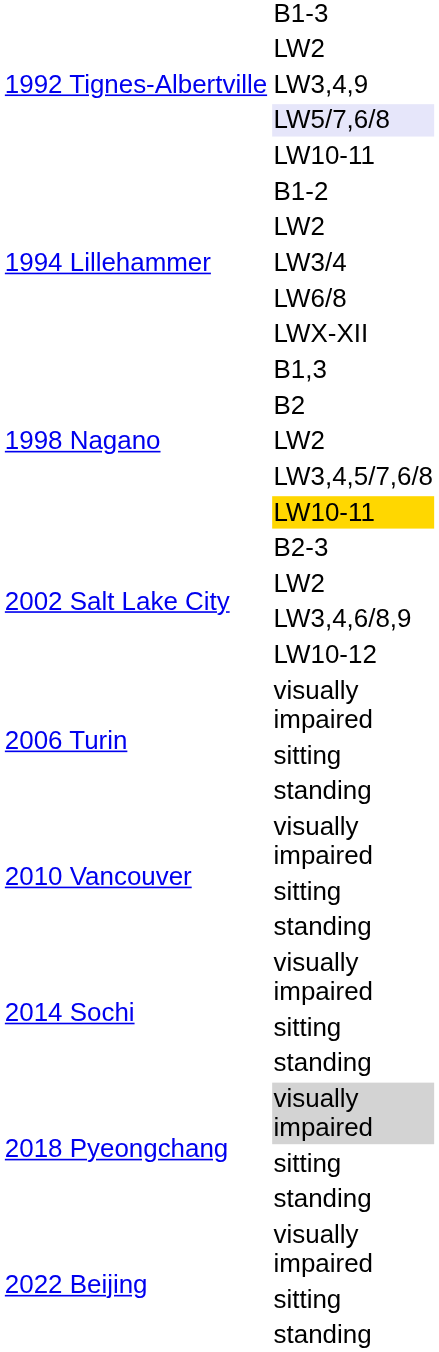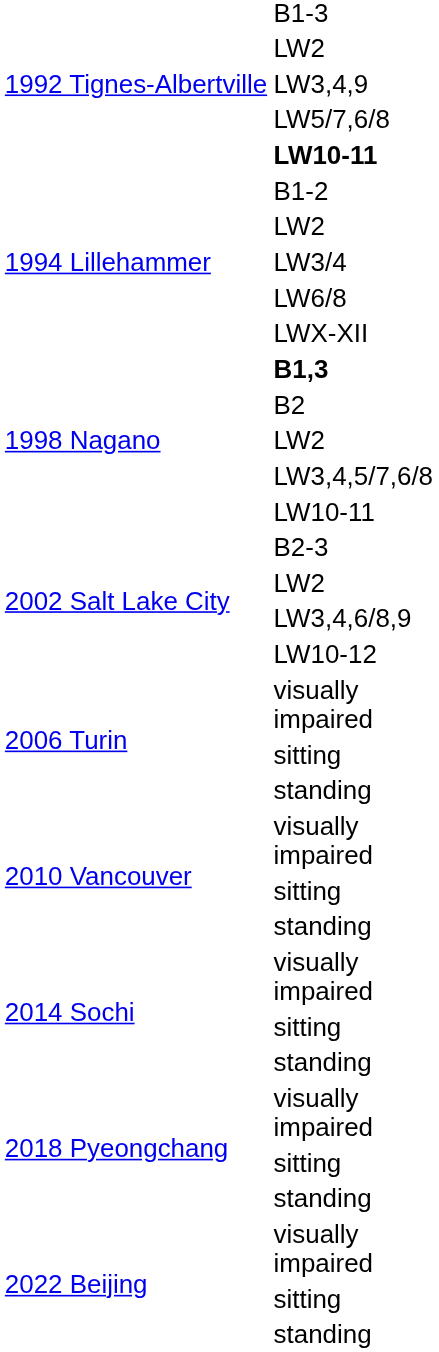 <table>
 <tr>
 <td rowspan="5"><a href='#'>1992 Tignes-Albertville</a><br></td>
 <td>B1-3</td>
 <td></td>
 <td></td>
 <td></td>
 </tr>
 <tr>
 <td>LW2</td>
 <td></td>
 <td></td>
 <td></td>
 </tr>
 <tr>
 <td>LW3,4,9</td>
 <td></td>
 <td></td>
 <td></td>
 </tr>
 <tr>
-<td style="background: lavender;">LW5/7,6/8</td>
+<td>LW5/7,6/8</td>
 <td></td>
 <td></td>
 <td></td>
 </tr>
 <tr>
-<td>LW10-11</td>
+<td><strong>LW10-11</strong></td>
 <td></td>
 <td></td>
 <td></td>
 </tr>
 <tr>
 <td rowspan="5"><a href='#'>1994 Lillehammer</a><br></td>
 <td>B1-2</td>
 <td></td>
 <td></td>
 <td></td>
 </tr>
 <tr>
 <td>LW2</td>
 <td></td>
 <td></td>
 <td></td>
 </tr>
 <tr>
 <td>LW3/4</td>
 <td></td>
 <td></td>
 <td></td>
 </tr>
 <tr>
 <td>LW6/8</td>
 <td></td>
 <td></td>
 <td></td>
 </tr>
 <tr>
 <td>LWX-XII</td>
 <td></td>
 <td></td>
 <td></td>
 </tr>
 <tr>
 <td rowspan="5"><a href='#'>1998 Nagano</a><br></td>
-<td>B1,3</td>
+<td><strong>B1,3</strong></td>
 <td></td>
 <td></td>
 <td></td>
 </tr>
 <tr>
 <td>B2</td>
 <td></td>
 <td></td>
 <td></td>
 </tr>
 <tr>
 <td>LW2</td>
 <td></td>
 <td></td>
 <td></td>
 </tr>
 <tr>
 <td>LW3,4,5/7,6/8</td>
 <td></td>
 <td></td>
 <td></td>
 </tr>
 <tr>
-<td style="background: gold;">LW10-11</td>
+<td>LW10-11</td>
 <td></td>
 <td></td>
 <td></td>
 </tr>
 <tr>
 <td rowspan="4"><a href='#'>2002 Salt Lake City</a><br></td>
 <td>B2-3</td>
 <td></td>
 <td></td>
 <td></td>
 </tr>
 <tr>
 <td>LW2</td>
 <td></td>
 <td></td>
 <td></td>
 </tr>
 <tr>
 <td>LW3,4,6/8,9</td>
 <td></td>
 <td></td>
 <td></td>
 </tr>
 <tr>
 <td>LW10-12</td>
 <td></td>
 <td></td>
 <td></td>
 </tr>
 <tr>
 <td rowspan="3"><a href='#'>2006 Turin</a><br></td>
 <td>visually <br>impaired</td>
 <td></td>
 <td></td>
 <td></td>
 </tr>
 <tr>
 <td>sitting</td>
 <td></td>
 <td></td>
 <td></td>
 </tr>
 <tr>
 <td>standing</td>
 <td></td>
 <td></td>
 <td></td>
 </tr>
 <tr>
 <td rowspan="3"><a href='#'>2010 Vancouver</a><br></td>
 <td>visually <br>impaired</td>
 <td></td>
 <td></td>
 <td></td>
 </tr>
 <tr>
 <td>sitting</td>
 <td></td>
 <td></td>
 <td></td>
 </tr>
 <tr>
 <td>standing</td>
 <td></td>
 <td></td>
 <td></td>
 </tr>
 <tr>
 <td rowspan="3"><a href='#'>2014 Sochi</a><br></td>
 <td>visually <br>impaired</td>
 <td></td>
 <td></td>
 <td></td>
 </tr>
 <tr>
 <td>sitting</td>
 <td></td>
 <td></td>
 <td></td>
 </tr>
 <tr>
 <td>standing</td>
 <td></td>
 <td></td>
 <td></td>
 </tr>
 <tr>
 <td rowspan="3"><a href='#'>2018 Pyeongchang</a><br></td>
-<td style="background: lightgrey;">visually <br>impaired</td>
+<td>visually <br>impaired</td>
 <td></td>
 <td></td>
 <td></td>
 </tr>
 <tr>
 <td>sitting</td>
 <td></td>
 <td></td>
 <td></td>
 </tr>
 <tr>
 <td>standing</td>
 <td></td>
 <td></td>
 <td></td>
 </tr>
 <tr>
 <td rowspan="3"><a href='#'>2022 Beijing</a><br></td>
 <td>visually <br>impaired</td>
 <td></td>
 <td></td>
 <td></td>
 </tr>
 <tr>
 <td>sitting</td>
 <td></td>
 <td></td>
 <td></td>
 </tr>
 <tr>
 <td>standing</td>
 <td></td>
 <td></td>
 <td></td>
 </tr>
 </table>
